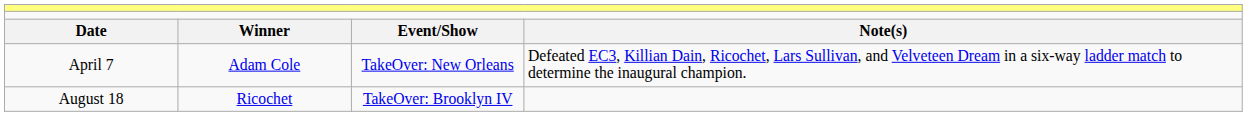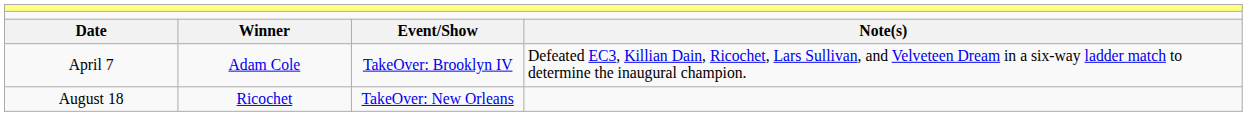 <table class="wikitable" style="text-align:center; width:100%;">
 <tr style="background:#FFFF80;">
 <td colspan="5"></td>
 </tr>
 <tr>
 <td colspan="5"><strong></strong></td>
 </tr>
 <tr>
 <th width=14%>Date</th>
 <th width=14%>Winner</th>
 <th width=14%>Event/Show</th>
 <th width=58%>Note(s)</th>
 </tr>
 <tr>
 <td>April 7</td>
 <td><a href='#'>Adam Cole</a></td>
-<td><a href='#'>TakeOver: New Orleans</a></td>
+<td><a href='#'>TakeOver: Brooklyn IV</a></td>
 <td align=left>Defeated <a href='#'>EC3</a>, <a href='#'>Killian Dain</a>, <a href='#'>Ricochet</a>, <a href='#'>Lars Sullivan</a>, and <a href='#'>Velveteen Dream</a> in a six-way <a href='#'>ladder match</a> to determine the inaugural champion.</td>
 </tr>
 <tr>
 <td>August 18</td>
 <td><a href='#'>Ricochet</a></td>
-<td><a href='#'>TakeOver: Brooklyn IV</a></td>
+<td><a href='#'>TakeOver: New Orleans</a></td>
 <td></td>
 </tr>
 </table>
